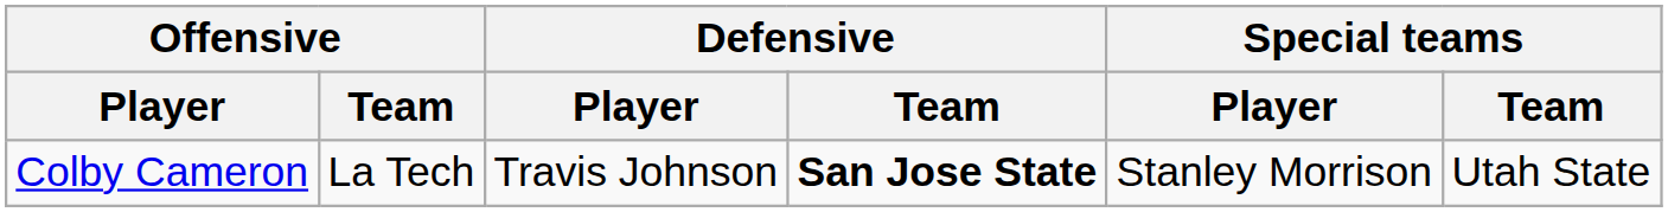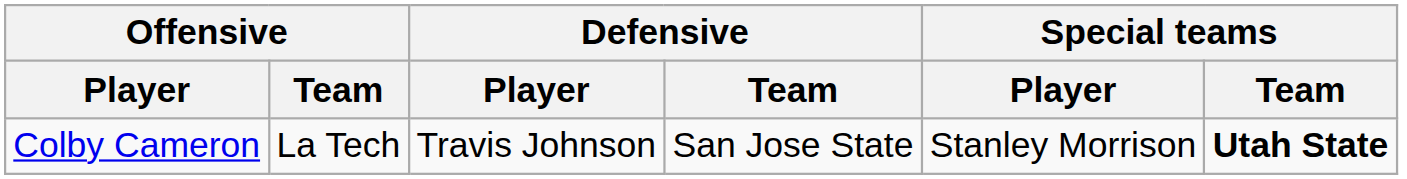 <table class="wikitable">
 <tr>
 <th colspan="2">Offensive</th>
 <th colspan="2">Defensive</th>
 <th colspan="2">Special teams</th>
 </tr>
 <tr>
 <th>Player</th>
 <th>Team</th>
 <th>Player</th>
 <th>Team</th>
 <th>Player</th>
 <th>Team</th>
 </tr>
 <tr>
 <td><a href='#'>Colby Cameron</a></td>
 <td>La Tech</td>
 <td>Travis Johnson</td>
-<td><strong>San Jose State</strong></td>
+<td>San Jose State</td>
 <td>Stanley Morrison</td>
-<td>Utah State</td>
+<td><strong>Utah State</strong></td>
 </tr>
 </table>
